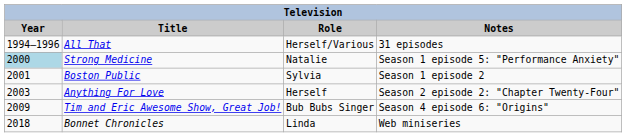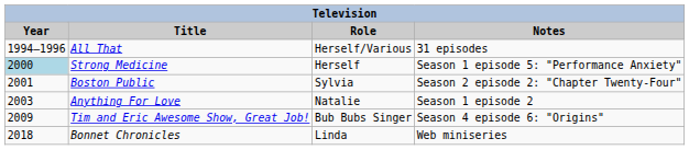 <table class="wikitable">
 <tr>
 <th colspan=4 style="background:#B0C4DE;">Television</th>
 </tr>
 <tr>
 <th style="background: #CCCCCC;">Year</th>
 <th style="background: #CCCCCC;">Title</th>
 <th style="background: #CCCCCC;">Role</th>
 <th style="background: #CCCCCC;">Notes</th>
 </tr>
 <tr>
 <td>1994–1996</td>
 <td><em><a href='#'>All That</a></em></td>
 <td>Herself/Various</td>
 <td>31 episodes</td>
 </tr>
 <tr>
 <td style="background: lightblue;">2000</td>
 <td><em><a href='#'>Strong Medicine</a></em></td>
-<td>Natalie</td>
+<td>Herself</td>
 <td>Season 1 episode 5: "Performance Anxiety"</td>
 </tr>
 <tr>
 <td>2001</td>
 <td><em><a href='#'>Boston Public</a></em></td>
 <td>Sylvia</td>
-<td>Season 1 episode 2</td>
+<td>Season 2 episode 2: "Chapter Twenty-Four"</td>
 </tr>
 <tr>
 <td>2003</td>
 <td><em><a href='#'>Anything For Love</a></em></td>
-<td>Herself</td>
-<td>Season 2 episode 2: "Chapter Twenty-Four"</td>
+<td>Natalie</td>
+<td>Season 1 episode 2</td>
 </tr>
 <tr>
 <td>2009</td>
 <td><em><a href='#'>Tim and Eric Awesome Show, Great Job!</a></em></td>
 <td>Bub Bubs Singer</td>
 <td>Season 4 episode 6: "Origins"</td>
 </tr>
 <tr>
 <td>2018</td>
 <td><em>Bonnet Chronicles</em></td>
 <td>Linda</td>
 <td>Web miniseries</td>
 </tr>
 </table>
